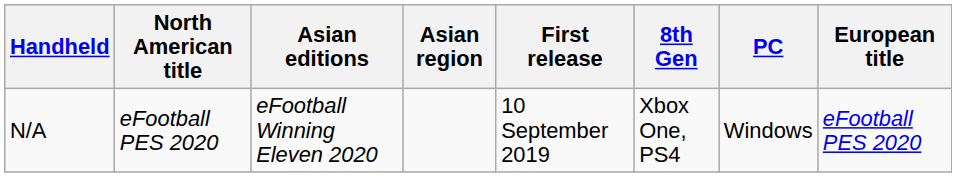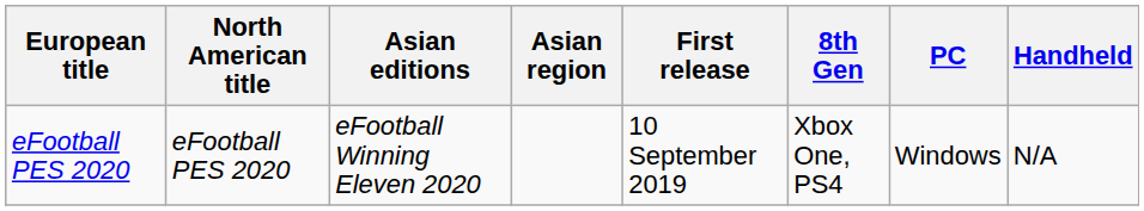 <table class="wikitable sortable" style="font-size: 90%; width: 100%;">
 <tr>
-<th scope="col"><a href='#'>Handheld</a></th>
+<th>European title</th>
 <th>North American title</th>
 <th>Asian editions</th>
 <th>Asian region</th>
 <th>First release</th>
 <th scope="col"><a href='#'>8th Gen</a></th>
 <th scope="col"><a href='#'>PC</a></th>
-<th>European title</th>
+<th scope="col"><a href='#'>Handheld</a></th>
 </tr>
 <tr>
-<td>N/A</td>
+<td><em><a href='#'>eFootball PES 2020</a></em></td>
 <td><em>eFootball PES 2020</em></td>
 <td><em>eFootball Winning Eleven 2020</em></td>
 <td Japan></td>
 <td>10 September 2019</td>
 <td>Xbox One, PS4</td>
 <td>Windows</td>
-<td><em><a href='#'>eFootball PES 2020</a></em></td>
+<td>N/A</td>
 </tr>
 </table>
